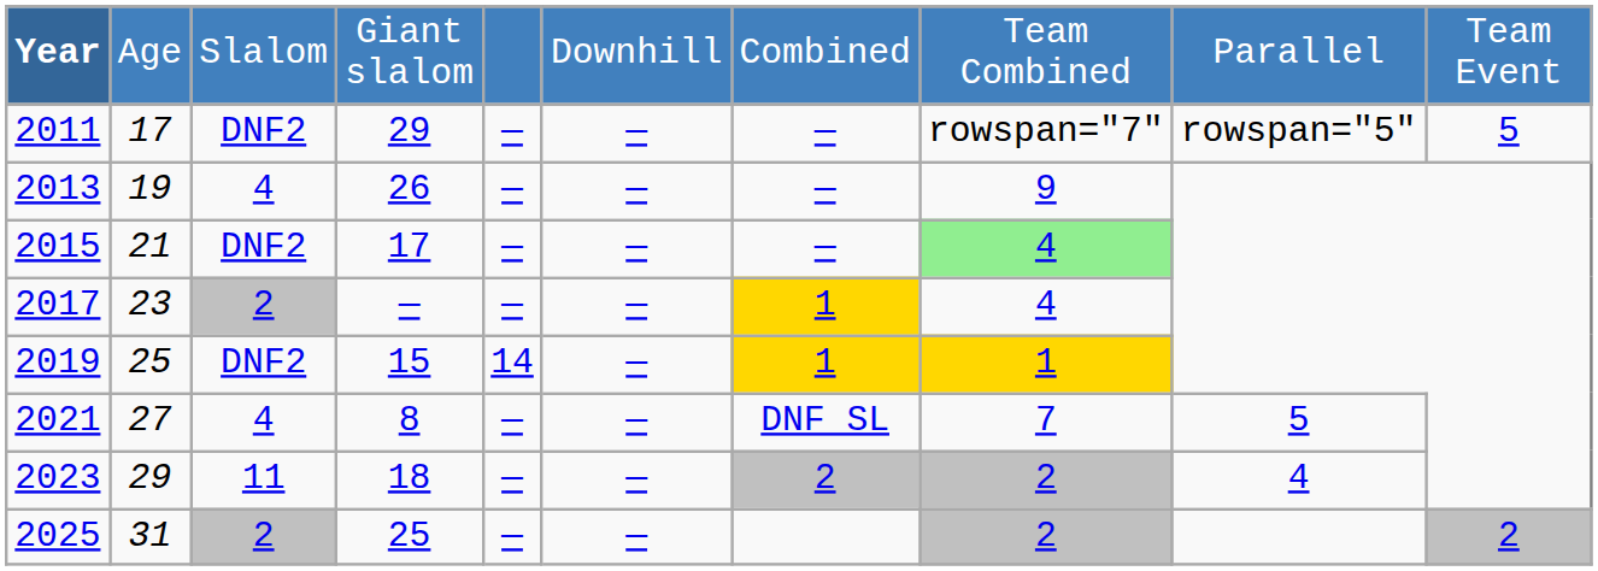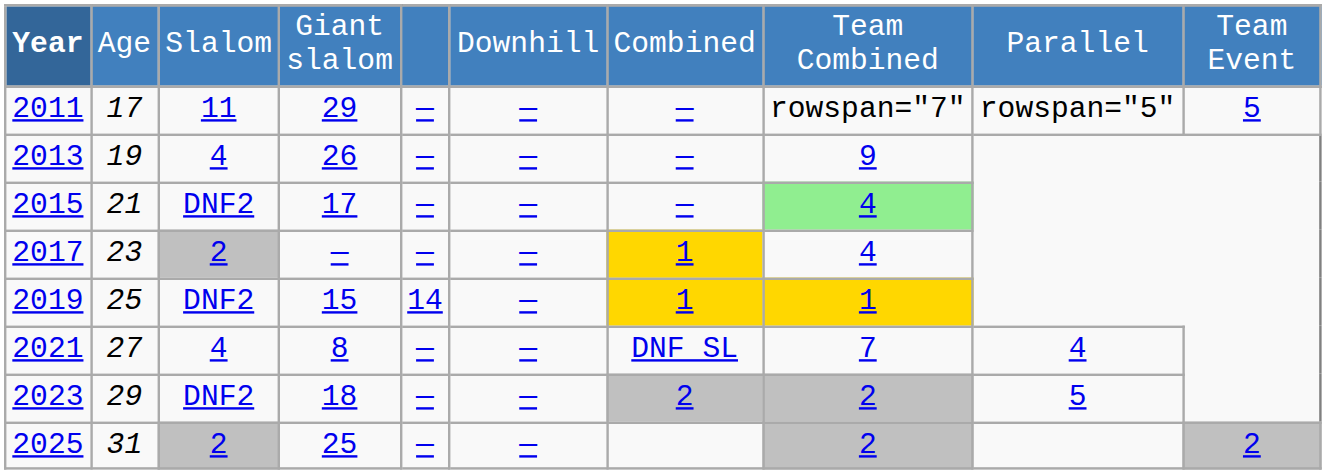 <table class="wikitable" style="font-size:95%; text-align:center; border:grey solid 1px; border-collapse:collapse;" width="40%">
 <tr style="background-color:#369; color:white;">
 <td rowspan="2" colspan="1" width="4%"><strong>Year</strong></td>
 </tr>
 <tr style="background-color:#4180be; color:white;">
 <td width="3%">Age</td>
 <td width="5%">Slalom</td>
 <td width="5%">Giant<br>slalom</td>
 <td width="5%"></td>
 <td width="5%">Downhill</td>
 <td width="5%">Combined</td>
 <td width="5%">Team<br>Combined</td>
 <td width="5%">Parallel</td>
 <td width="5%">Team<br> Event </td>
 </tr>
 <tr style="background-color:#8CB2D8; color:white;">
 </tr>
 <tr>
 <td><a href='#'>2011</a></td>
 <td><em>17</em></td>
-<td><a href='#'>DNF2</a></td>
+<td><a href='#'>11</a></td>
 <td><a href='#'>29</a></td>
 <td><a href='#'>—</a></td>
 <td><a href='#'>—</a></td>
 <td><a href='#'>—</a></td>
 <td>rowspan="7" </td>
 <td>rowspan="5" </td>
 <td><a href='#'>5</a></td>
 </tr>
 <tr>
 <td><a href='#'>2013</a></td>
 <td><em>19</em></td>
 <td><a href='#'>4</a></td>
 <td><a href='#'>26</a></td>
 <td><a href='#'>—</a></td>
 <td><a href='#'>—</a></td>
 <td><a href='#'>—</a></td>
 <td><a href='#'>9</a></td>
 </tr>
 <tr>
 <td><a href='#'>2015</a></td>
 <td><em>21</em></td>
 <td><a href='#'>DNF2</a></td>
 <td><a href='#'>17</a></td>
 <td><a href='#'>—</a></td>
 <td><a href='#'>—</a></td>
 <td><a href='#'>—</a></td>
 <td style="background: lightgreen;"><a href='#'>4</a></td>
 </tr>
 <tr>
 <td><a href='#'>2017</a></td>
 <td><em>23</em></td>
 <td style="background:silver;"><a href='#'>2</a></td>
 <td><a href='#'>—</a></td>
 <td><a href='#'>—</a></td>
 <td><a href='#'>—</a></td>
 <td style="background:gold;"><a href='#'>1</a></td>
 <td><a href='#'>4</a></td>
 </tr>
 <tr>
 <td><a href='#'>2019</a></td>
 <td><em>25</em></td>
 <td><a href='#'>DNF2</a></td>
 <td><a href='#'>15</a></td>
 <td><a href='#'>14</a></td>
 <td><a href='#'>—</a></td>
 <td style="background:gold;"><a href='#'>1</a></td>
 <td style="background:gold;"><a href='#'>1</a></td>
 </tr>
 <tr>
 <td><a href='#'>2021</a></td>
 <td><em>27</em></td>
 <td><a href='#'>4</a></td>
 <td><a href='#'>8</a></td>
 <td><a href='#'>—</a></td>
 <td><a href='#'>—</a></td>
 <td><a href='#'>DNF SL</a></td>
 <td><a href='#'>7</a></td>
-<td><a href='#'>5</a></td>
+<td><a href='#'>4</a></td>
 </tr>
 <tr>
 <td><a href='#'>2023</a></td>
 <td><em>29</em></td>
-<td><a href='#'>11</a></td>
+<td><a href='#'>DNF2</a></td>
 <td><a href='#'>18</a></td>
 <td><a href='#'>—</a></td>
 <td><a href='#'>—</a></td>
 <td style="background:silver;"><a href='#'>2</a></td>
 <td style="background:silver;"><a href='#'>2</a></td>
-<td><a href='#'>4</a></td>
+<td><a href='#'>5</a></td>
 </tr>
 <tr>
 <td><a href='#'>2025</a></td>
 <td><em>31</em></td>
 <td style="background:silver;"><a href='#'>2</a></td>
 <td><a href='#'>25</a></td>
 <td><a href='#'>—</a></td>
 <td><a href='#'>—</a></td>
 <td></td>
 <td style="background:silver;"><a href='#'>2</a></td>
 <td></td>
 <td style="background:silver;"><a href='#'>2</a></td>
 </tr>
 </table>
